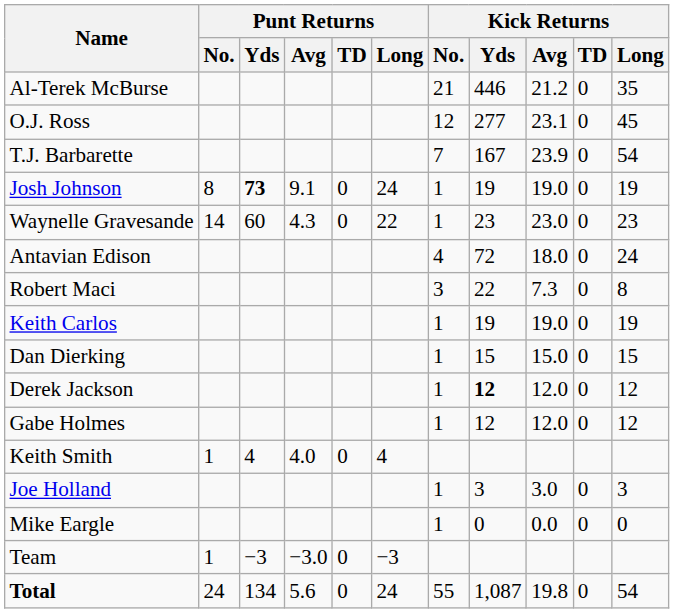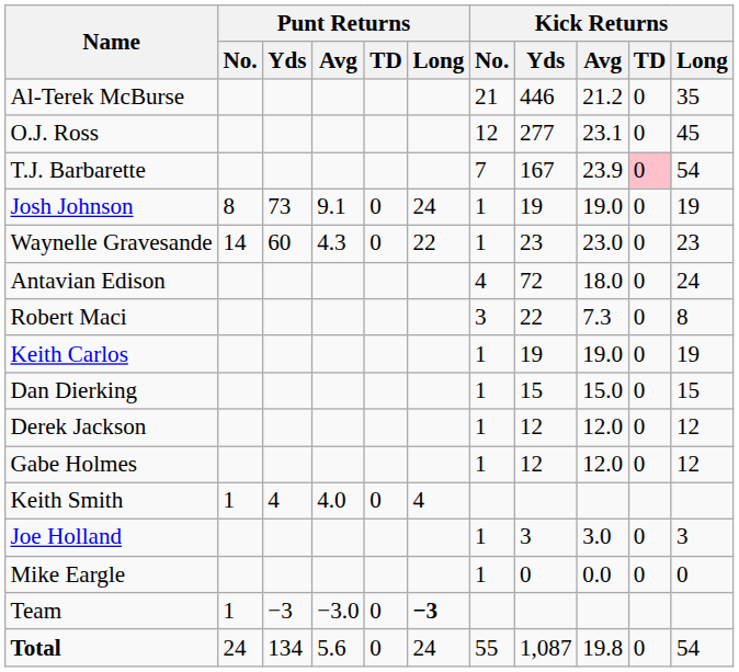 <table class="wikitable" style="white-space:nowrap;">
 <tr>
 <th rowspan="2">Name</th>
 <th colspan="5">Punt Returns</th>
 <th colspan="5">Kick Returns</th>
 </tr>
 <tr>
 <th>No.</th>
 <th>Yds</th>
 <th>Avg</th>
 <th>TD</th>
 <th>Long</th>
 <th>No.</th>
 <th>Yds</th>
 <th>Avg</th>
 <th>TD</th>
 <th>Long</th>
 </tr>
 <tr>
 <td>Al-Terek McBurse</td>
 <td></td>
 <td></td>
 <td></td>
 <td></td>
 <td></td>
 <td>21</td>
 <td>446</td>
 <td>21.2</td>
 <td>0</td>
 <td>35</td>
 </tr>
 <tr>
 <td>O.J. Ross</td>
 <td></td>
 <td></td>
 <td></td>
 <td></td>
 <td></td>
 <td>12</td>
 <td>277</td>
 <td>23.1</td>
 <td>0</td>
 <td>45</td>
 </tr>
 <tr>
 <td>T.J. Barbarette</td>
 <td></td>
 <td></td>
 <td></td>
 <td></td>
 <td></td>
 <td>7</td>
 <td>167</td>
 <td>23.9</td>
-<td>0</td>
+<td style="background: pink;">0</td>
 <td>54</td>
 </tr>
 <tr>
 <td><a href='#'>Josh Johnson</a></td>
 <td>8</td>
-<td><strong>73</strong></td>
+<td>73</td>
 <td>9.1</td>
 <td>0</td>
 <td>24</td>
 <td>1</td>
 <td>19</td>
 <td>19.0</td>
 <td>0</td>
 <td>19</td>
 </tr>
 <tr>
 <td>Waynelle Gravesande</td>
 <td>14</td>
 <td>60</td>
 <td>4.3</td>
 <td>0</td>
 <td>22</td>
 <td>1</td>
 <td>23</td>
 <td>23.0</td>
 <td>0</td>
 <td>23</td>
 </tr>
 <tr>
 <td>Antavian Edison</td>
 <td></td>
 <td></td>
 <td></td>
 <td></td>
 <td></td>
 <td>4</td>
 <td>72</td>
 <td>18.0</td>
 <td>0</td>
 <td>24</td>
 </tr>
 <tr>
 <td>Robert Maci</td>
 <td></td>
 <td></td>
 <td></td>
 <td></td>
 <td></td>
 <td>3</td>
 <td>22</td>
 <td>7.3</td>
 <td>0</td>
 <td>8</td>
 </tr>
 <tr>
 <td><a href='#'>Keith Carlos</a></td>
 <td></td>
 <td></td>
 <td></td>
 <td></td>
 <td></td>
 <td>1</td>
 <td>19</td>
 <td>19.0</td>
 <td>0</td>
 <td>19</td>
 </tr>
 <tr>
 <td>Dan Dierking</td>
 <td></td>
 <td></td>
 <td></td>
 <td></td>
 <td></td>
 <td>1</td>
 <td>15</td>
 <td>15.0</td>
 <td>0</td>
 <td>15</td>
 </tr>
 <tr>
 <td>Derek Jackson</td>
 <td></td>
 <td></td>
 <td></td>
 <td></td>
 <td></td>
 <td>1</td>
-<td><strong>12</strong></td>
+<td>12</td>
 <td>12.0</td>
 <td>0</td>
 <td>12</td>
 </tr>
 <tr>
 <td>Gabe Holmes</td>
 <td></td>
 <td></td>
 <td></td>
 <td></td>
 <td></td>
 <td>1</td>
 <td>12</td>
 <td>12.0</td>
 <td>0</td>
 <td>12</td>
 </tr>
 <tr>
 <td>Keith Smith</td>
 <td>1</td>
 <td>4</td>
 <td>4.0</td>
 <td>0</td>
 <td>4</td>
 <td></td>
 <td></td>
 <td></td>
 <td></td>
 <td></td>
 </tr>
 <tr>
 <td><a href='#'>Joe Holland</a></td>
 <td></td>
 <td></td>
 <td></td>
 <td></td>
 <td></td>
 <td>1</td>
 <td>3</td>
 <td>3.0</td>
 <td>0</td>
 <td>3</td>
 </tr>
 <tr>
 <td>Mike Eargle</td>
 <td></td>
 <td></td>
 <td></td>
 <td></td>
 <td></td>
 <td>1</td>
 <td>0</td>
 <td>0.0</td>
 <td>0</td>
 <td>0</td>
 </tr>
 <tr>
 <td>Team</td>
 <td>1</td>
 <td>−3</td>
 <td>−3.0</td>
 <td>0</td>
-<td>−3</td>
+<td><strong>−3</strong></td>
 <td></td>
 <td></td>
 <td></td>
 <td></td>
 <td></td>
 </tr>
 <tr>
 <td><strong>Total</strong></td>
 <td>24</td>
 <td>134</td>
 <td>5.6</td>
 <td>0</td>
 <td>24</td>
 <td>55</td>
 <td>1,087</td>
 <td>19.8</td>
 <td>0</td>
 <td>54</td>
 </tr>
 </table>
